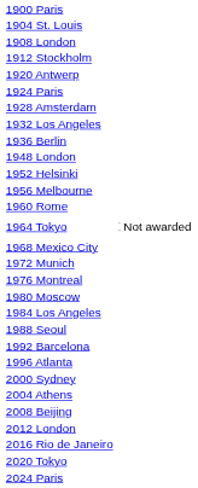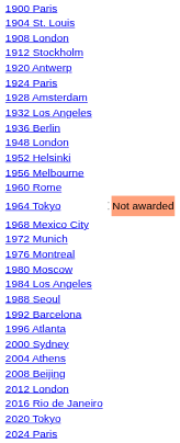 <table>
 <tr>
 <td><a href='#'>1900 Paris</a><br></td>
 <td></td>
 <td></td>
 <td></td>
 </tr>
 <tr>
 <td><a href='#'>1904 St. Louis</a><br></td>
 <td></td>
 <td></td>
 <td></td>
 </tr>
 <tr>
 <td><a href='#'>1908 London</a><br></td>
 <td></td>
 <td></td>
 <td></td>
 </tr>
 <tr>
 <td><a href='#'>1912 Stockholm</a><br></td>
 <td></td>
 <td></td>
 <td></td>
 </tr>
 <tr>
 <td><a href='#'>1920 Antwerp</a><br></td>
 <td></td>
 <td></td>
 <td></td>
 </tr>
 <tr>
 <td><a href='#'>1924 Paris</a><br></td>
 <td></td>
 <td></td>
 <td></td>
 </tr>
 <tr>
 <td><a href='#'>1928 Amsterdam</a><br></td>
 <td></td>
 <td></td>
 <td></td>
 </tr>
 <tr>
 <td><a href='#'>1932 Los Angeles</a><br></td>
 <td></td>
 <td></td>
 <td></td>
 </tr>
 <tr>
 <td><a href='#'>1936 Berlin</a><br></td>
 <td></td>
 <td></td>
 <td></td>
 </tr>
 <tr>
 <td><a href='#'>1948 London</a><br></td>
 <td></td>
 <td></td>
 <td></td>
 </tr>
 <tr>
 <td><a href='#'>1952 Helsinki</a><br></td>
 <td></td>
 <td></td>
 <td></td>
 </tr>
 <tr>
 <td><a href='#'>1956 Melbourne</a><br></td>
 <td></td>
 <td></td>
 <td></td>
 </tr>
 <tr>
 <td><a href='#'>1960 Rome</a><br></td>
 <td></td>
 <td></td>
 <td></td>
 </tr>
 <tr>
 <td><a href='#'>1964 Tokyo</a><br></td>
 <td></td>
 <td><hr><hr></td>
-<td>Not awarded</td>
+<td style="background: lightsalmon;">Not awarded</td>
 </tr>
 <tr>
 <td><a href='#'>1968 Mexico City</a><br></td>
 <td></td>
 <td></td>
 <td></td>
 </tr>
 <tr>
 <td><a href='#'>1972 Munich</a><br></td>
 <td></td>
 <td></td>
 <td></td>
 </tr>
 <tr>
 <td><a href='#'>1976 Montreal</a><br></td>
 <td></td>
 <td></td>
 <td></td>
 </tr>
 <tr>
 <td><a href='#'>1980 Moscow</a><br></td>
 <td></td>
 <td></td>
 <td></td>
 </tr>
 <tr>
 <td><a href='#'>1984 Los Angeles</a><br></td>
 <td></td>
 <td></td>
 <td></td>
 </tr>
 <tr>
 <td><a href='#'>1988 Seoul</a><br></td>
 <td></td>
 <td></td>
 <td></td>
 </tr>
 <tr>
 <td><a href='#'>1992 Barcelona</a><br></td>
 <td></td>
 <td></td>
 <td></td>
 </tr>
 <tr>
 <td><a href='#'>1996 Atlanta</a><br></td>
 <td></td>
 <td></td>
 <td></td>
 </tr>
 <tr>
 <td><a href='#'>2000 Sydney</a><br></td>
 <td></td>
 <td></td>
 <td></td>
 </tr>
 <tr>
 <td><a href='#'>2004 Athens</a><br></td>
 <td></td>
 <td></td>
 <td></td>
 </tr>
 <tr>
 <td><a href='#'>2008 Beijing</a><br></td>
 <td></td>
 <td></td>
 <td></td>
 </tr>
 <tr>
 <td><a href='#'>2012 London</a><br></td>
 <td></td>
 <td></td>
 <td></td>
 </tr>
 <tr>
 <td><a href='#'>2016 Rio de Janeiro</a><br></td>
 <td></td>
 <td></td>
 <td></td>
 </tr>
 <tr>
 <td><a href='#'>2020 Tokyo</a><br></td>
 <td></td>
 <td></td>
 <td></td>
 </tr>
 <tr>
 <td><a href='#'>2024 Paris</a><br></td>
 <td></td>
 <td></td>
 <td></td>
 </tr>
 </table>
